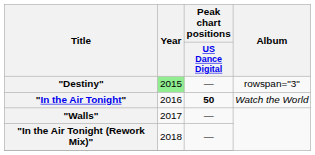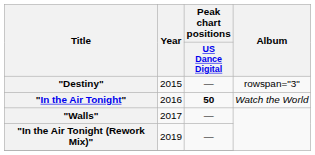 <table class="wikitable plainrowheaders" style="text-align:center;">
 <tr>
 <th scope="col" rowspan="2" style="width:15em;">Title</th>
 <th scope="col" rowspan="2">Year</th>
 <th scope="col" colspan="1">Peak chart positions</th>
 <th scope="col" rowspan="2">Album</th>
 </tr>
 <tr>
 <th style="width:3em;font-size:90%;"><a href='#'>US<br>Dance<br>Digital</a><br></th>
 </tr>
 <tr>
 <th scope="row">"Destiny"<br></th>
-<td style="background: lightgreen;">2015</td>
+<td>2015</td>
 <td>—</td>
 <td>rowspan="3" </td>
 </tr>
 <tr>
 <th scope="row">"<a href='#'>In the Air Tonight</a>"<br></th>
 <td>2016</td>
 <td><strong>50</strong></td>
 <td><em>Watch the World</em></td>
 </tr>
 <tr>
 <th scope="row">"Walls"<br></th>
 <td>2017</td>
 <td>—</td>
 </tr>
 <tr>
 <th scope="row">"In the Air Tonight (Rework Mix)"<br></th>
-<td>2018</td>
+<td>2019</td>
 <td>—</td>
 </tr>
 <tr>
 </tr>
 </table>
